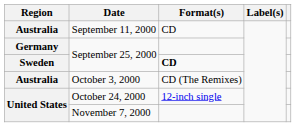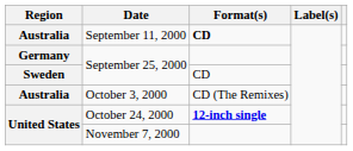 <table class="wikitable plainrowheaders">
 <tr>
 <th scope="col">Region</th>
 <th scope="col">Date</th>
 <th scope="col">Format(s)</th>
 <th scope="col">Label(s)</th>
 <th scope="col"></th>
 </tr>
 <tr>
 <th scope="row">Australia</th>
 <td>September 11, 2000</td>
-<td>CD</td>
+<td><strong>CD</strong></td>
 <td rowspan="6"></td>
 <td align="center"></td>
 </tr>
 <tr>
 <th scope="row">Germany</th>
 <td rowspan="2">September 25, 2000</td>
 <td></td>
 <td align="center"></td>
 </tr>
 <tr>
 <th scope="row">Sweden</th>
-<td><strong>CD</strong></td>
+<td>CD</td>
 <td align="center"></td>
 </tr>
 <tr>
 <th scope="row">Australia</th>
 <td>October 3, 2000</td>
 <td>CD (The Remixes)</td>
 <td align="center"></td>
 </tr>
 <tr>
 <th scope="row" rowspan="3">United States</th>
 <td>October 24, 2000</td>
-<td><a href='#'>12-inch single</a></td>
+<td><strong><a href='#'>12-inch single</a></strong></td>
 <td align="center"></td>
 </tr>
 <tr>
 <td>November 7, 2000</td>
 <td></td>
 <td align="center" rowspan="2"></td>
 </tr>
 </table>
